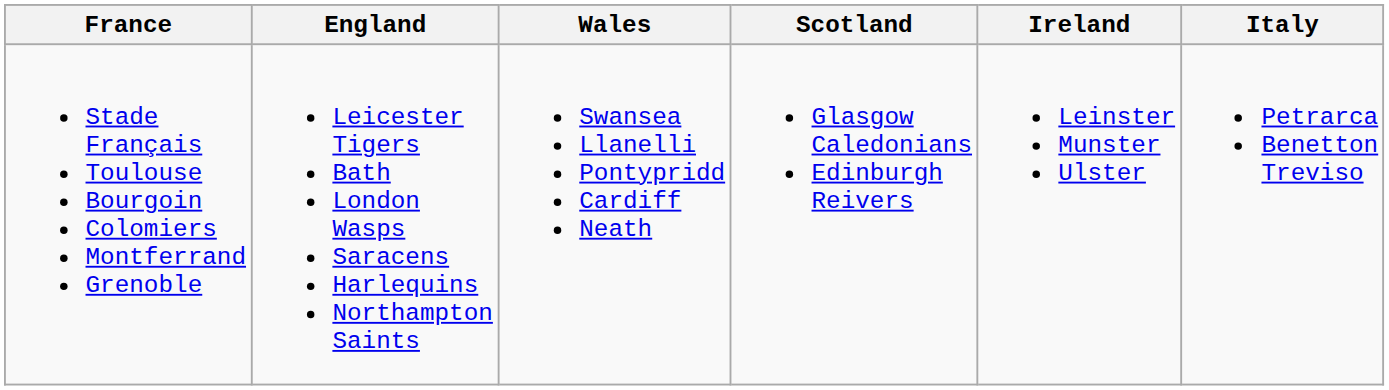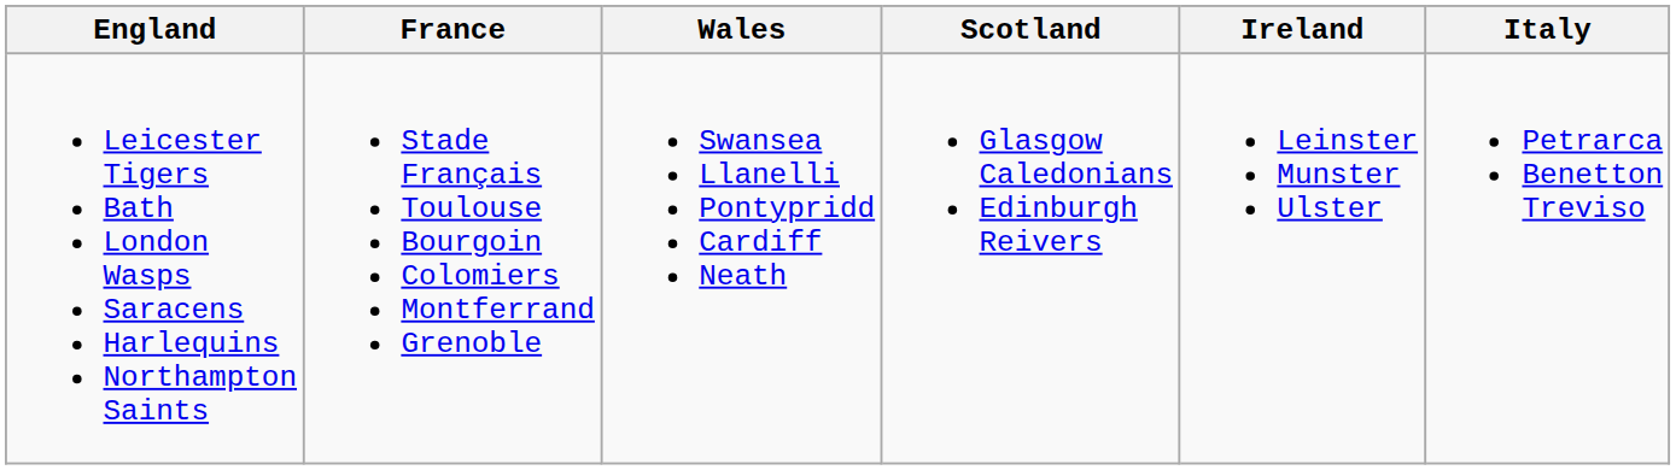 <table class="wikitable" width=100%>
 <tr>
+<th> England</th>
 <th> France</th>
-<th> England</th>
 <th> Wales</th>
 <th> Scotland</th>
 <th> Ireland</th>
 <th> Italy</th>
 </tr>
 <tr valign=top>
+<td><br><ul><li><a href='#'>Leicester Tigers</a></li><li><a href='#'>Bath</a></li><li><a href='#'>London Wasps</a></li><li><a href='#'>Saracens</a></li><li><a href='#'>Harlequins</a></li><li><a href='#'>Northampton Saints</a></li></ul></td>
 <td><br><ul><li><a href='#'>Stade Français</a></li><li><a href='#'>Toulouse</a></li><li><a href='#'>Bourgoin</a></li><li><a href='#'>Colomiers</a></li><li><a href='#'>Montferrand</a></li><li><a href='#'>Grenoble</a></li></ul></td>
-<td><br><ul><li><a href='#'>Leicester Tigers</a></li><li><a href='#'>Bath</a></li><li><a href='#'>London Wasps</a></li><li><a href='#'>Saracens</a></li><li><a href='#'>Harlequins</a></li><li><a href='#'>Northampton Saints</a></li></ul></td>
 <td><br><ul><li><a href='#'>Swansea</a></li><li><a href='#'>Llanelli</a></li><li><a href='#'>Pontypridd</a></li><li><a href='#'>Cardiff</a></li><li><a href='#'>Neath</a></li></ul></td>
 <td><br><ul><li><a href='#'>Glasgow Caledonians</a></li><li><a href='#'>Edinburgh Reivers</a></li></ul></td>
 <td><br><ul><li><a href='#'>Leinster</a></li><li><a href='#'>Munster</a></li><li><a href='#'>Ulster</a></li></ul></td>
 <td><br><ul><li><a href='#'>Petrarca</a></li><li><a href='#'>Benetton Treviso</a></li></ul></td>
 </tr>
 </table>
